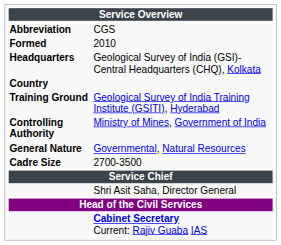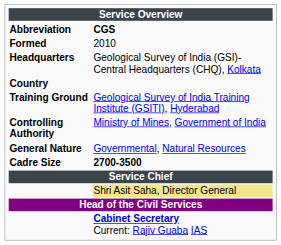 <table class="infobox" style="font-size: 90%; text-align: left; width: 27em">
 <tr>
 <th cellpadding="1" colspan="12" style="background:#3b444b; color:#fff; text-align:center;">Service Overview</th>
 </tr>
 <tr>
 </tr>
 <tr>
 <td><strong>Abbreviation</strong></td>
-<td>CGS</td>
+<td><strong>CGS</strong></td>
 </tr>
 <tr>
 <td><strong>Formed</strong></td>
 <td>2010</td>
 </tr>
 <tr>
 <td><strong>Headquarters</strong></td>
 <td>Geological Survey of India (GSI)-Central Headquarters (CHQ), <a href='#'>Kolkata</a></td>
 </tr>
 <tr>
 <td><strong>Country</strong></td>
 <td></td>
 </tr>
 <tr>
 <td><strong>Training Ground</strong></td>
 <td><a href='#'>Geological Survey of India Training Institute (GSITI)</a>, <a href='#'>Hyderabad</a><br></td>
 </tr>
 <tr>
 <td><strong>Controlling Authority</strong></td>
 <td><a href='#'>Ministry of Mines</a>, <a href='#'>Government of India</a></td>
 </tr>
 <tr>
 </tr>
 <tr>
 <td><strong>General Nature</strong></td>
 <td><a href='#'>Governmental</a>, <a href='#'>Natural Resources</a></td>
 </tr>
 <tr>
 <td><strong>Cadre Size</strong></td>
-<td>2700-3500</td>
+<td><strong>2700-3500</strong></td>
 </tr>
 <tr>
 <th cellpadding="1" colspan="15" style="background:#3b444b; color:#fff; text-align:center;">Service Chief</th>
 </tr>
 <tr>
 <td></td>
-<td>Shri Asit Saha, Director General</td>
+<td style="background: khaki;">Shri Asit Saha, Director General</td>
 </tr>
 <tr>
 <th cellpadding="1" colspan="12" style="background:purple; color:#fff; text-align:center;">Head of the Civil Services</th>
 </tr>
 <tr>
 <td></td>
 <td><strong><a href='#'>Cabinet Secretary</a></strong><br> Current: <a href='#'>Rajiv Guaba</a> <a href='#'>IAS</a></td>
 </tr>
 </table>
